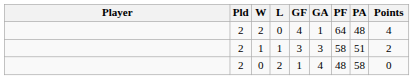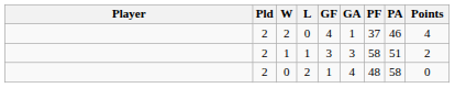 <table class=wikitable style="text-align:center">
 <tr>
 <th width=320>Player</th>
 <th width=20>Pld</th>
 <th width=20>W</th>
 <th width=20>L</th>
 <th width=20>GF</th>
 <th width=20>GA</th>
 <th width=20>PF</th>
 <th width=20>PA</th>
 <th width=50>Points</th>
 </tr>
 <tr>
 <td align=left></td>
 <td>2</td>
 <td>2</td>
 <td>0</td>
 <td>4</td>
 <td>1</td>
-<td>64</td>
-<td>48</td>
+<td>37</td>
+<td>46</td>
 <td>4</td>
 </tr>
 <tr>
 <td align=left></td>
 <td>2</td>
 <td>1</td>
 <td>1</td>
 <td>3</td>
 <td>3</td>
 <td>58</td>
 <td>51</td>
 <td>2</td>
 </tr>
 <tr>
 <td align=left></td>
 <td>2</td>
 <td>0</td>
 <td>2</td>
 <td>1</td>
 <td>4</td>
 <td>48</td>
 <td>58</td>
 <td>0</td>
 </tr>
 </table>
